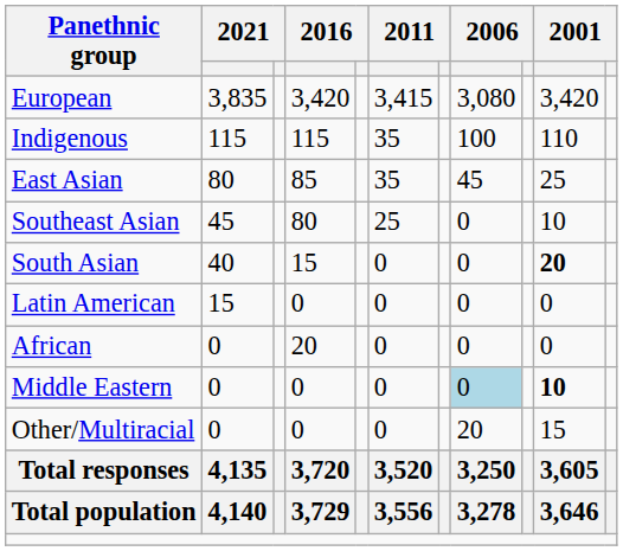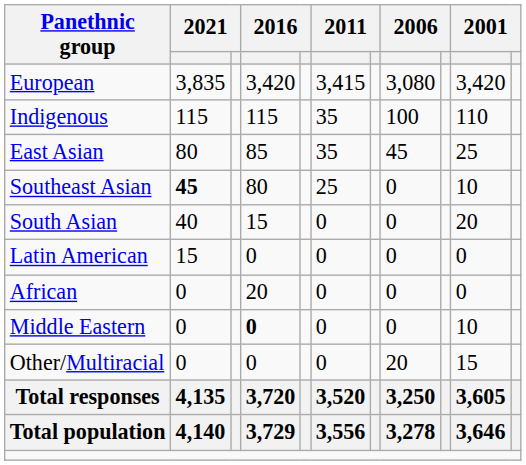 <table class="wikitable collapsible sortable">
 <tr>
 <th rowspan="2"><a href='#'>Panethnic</a><br>group</th>
 <th colspan="2">2021</th>
 <th colspan="2">2016</th>
 <th colspan="2">2011</th>
 <th colspan="2">2006</th>
 <th colspan="2">2001</th>
 </tr>
 <tr>
 <th><a href='#'></a></th>
 <th></th>
 <th></th>
 <th></th>
 <th></th>
 <th></th>
 <th></th>
 <th></th>
 <th></th>
 <th></th>
 </tr>
 <tr>
 <td><a href='#'>European</a></td>
 <td>3,835</td>
 <td></td>
 <td>3,420</td>
 <td></td>
 <td>3,415</td>
 <td></td>
 <td>3,080</td>
 <td></td>
 <td>3,420</td>
 <td></td>
 </tr>
 <tr>
 <td><a href='#'>Indigenous</a></td>
 <td>115</td>
 <td></td>
 <td>115</td>
 <td></td>
 <td>35</td>
 <td></td>
 <td>100</td>
 <td></td>
 <td>110</td>
 <td></td>
 </tr>
 <tr>
 <td><a href='#'>East Asian</a></td>
 <td>80</td>
 <td></td>
 <td>85</td>
 <td></td>
 <td>35</td>
 <td></td>
 <td>45</td>
 <td></td>
 <td>25</td>
 <td></td>
 </tr>
 <tr>
 <td><a href='#'>Southeast Asian</a></td>
-<td>45</td>
+<td><strong>45</strong></td>
 <td></td>
 <td>80</td>
 <td></td>
 <td>25</td>
 <td></td>
 <td>0</td>
 <td></td>
 <td>10</td>
 <td></td>
 </tr>
 <tr>
 <td><a href='#'>South Asian</a></td>
 <td>40</td>
 <td></td>
 <td>15</td>
 <td></td>
 <td>0</td>
 <td></td>
 <td>0</td>
 <td></td>
-<td><strong>20</strong></td>
+<td>20</td>
 <td></td>
 </tr>
 <tr>
 <td><a href='#'>Latin American</a></td>
 <td>15</td>
 <td></td>
 <td>0</td>
 <td></td>
 <td>0</td>
 <td></td>
 <td>0</td>
 <td></td>
 <td>0</td>
 <td></td>
 </tr>
 <tr>
 <td><a href='#'>African</a></td>
 <td>0</td>
 <td></td>
 <td>20</td>
 <td></td>
 <td>0</td>
 <td></td>
 <td>0</td>
 <td></td>
 <td>0</td>
 <td></td>
 </tr>
 <tr>
 <td><a href='#'>Middle Eastern</a></td>
 <td>0</td>
 <td></td>
+<td><strong>0</strong></td>
+<td></td>
 <td>0</td>
 <td></td>
 <td>0</td>
 <td></td>
-<td style="background: lightblue;">0</td>
-<td></td>
-<td><strong>10</strong></td>
+<td>10</td>
 <td></td>
 </tr>
 <tr>
 <td>Other/<a href='#'>Multiracial</a></td>
 <td>0</td>
 <td></td>
 <td>0</td>
 <td></td>
 <td>0</td>
 <td></td>
 <td>20</td>
 <td></td>
 <td>15</td>
 <td></td>
 </tr>
 <tr>
 <th>Total responses</th>
 <th>4,135</th>
 <th></th>
 <th>3,720</th>
 <th></th>
 <th>3,520</th>
 <th></th>
 <th>3,250</th>
 <th></th>
 <th>3,605</th>
 <th></th>
 </tr>
 <tr>
 <th>Total population</th>
 <th>4,140</th>
 <th></th>
 <th>3,729</th>
 <th></th>
 <th>3,556</th>
 <th></th>
 <th>3,278</th>
 <th></th>
 <th>3,646</th>
 <th></th>
 </tr>
 <tr class="sortbottom">
 <td colspan="15"></td>
 </tr>
 </table>
